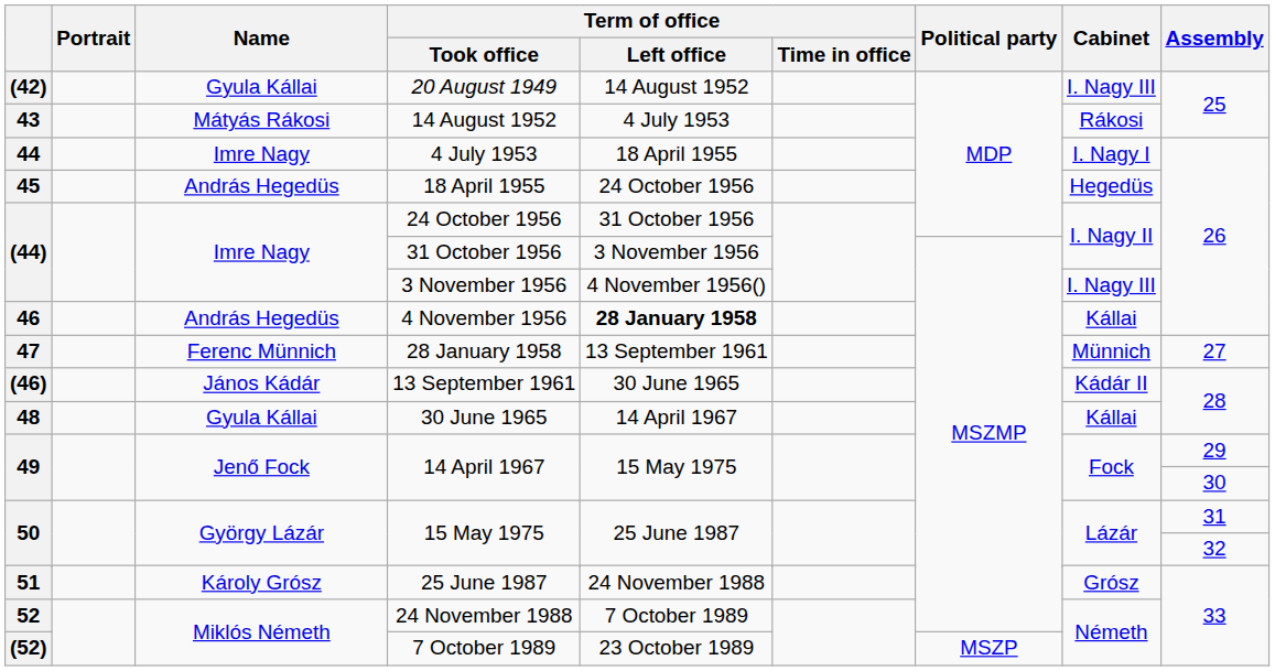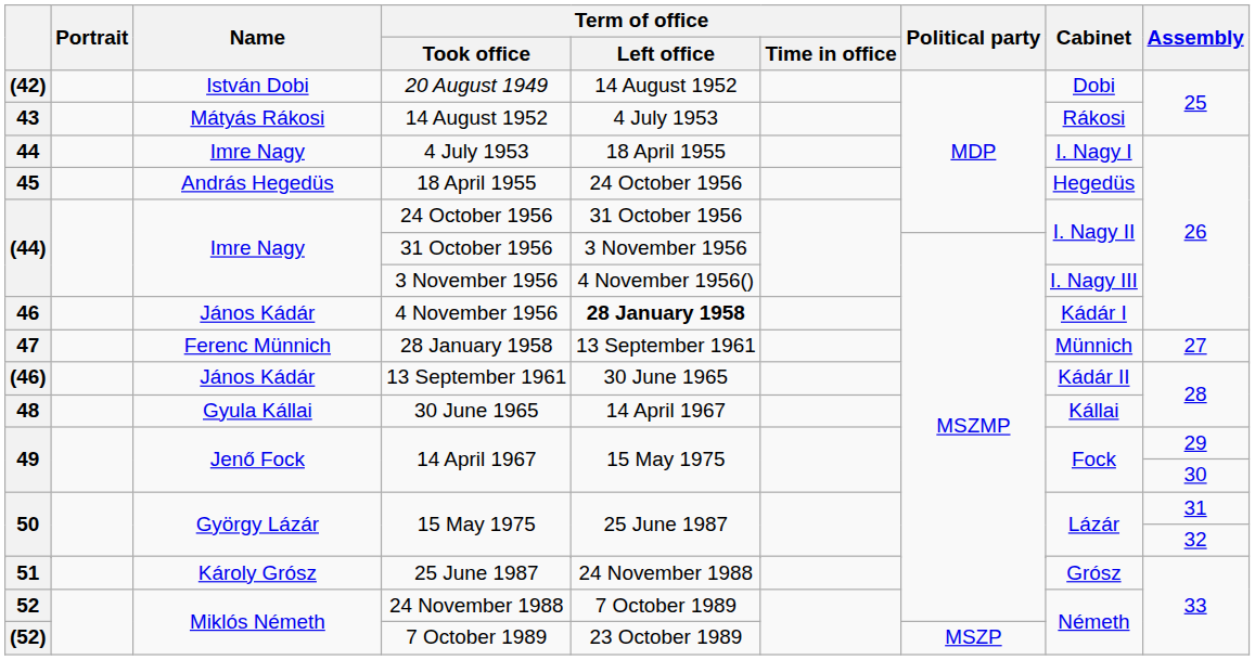 <table class="wikitable" style="text-align:center;">
 <tr>
 <th rowspan=2></th>
 <th rowspan=2>Portrait</th>
 <th width=20% rowspan=2>Name<br></th>
 <th colspan=3>Term of office</th>
 <th rowspan=2>Political party</th>
 <th rowspan=2>Cabinet</th>
 <th rowspan=2><a href='#'>Assembly</a><br></th>
 </tr>
 <tr>
 <th>Took office</th>
 <th>Left office</th>
 <th>Time in office</th>
 </tr>
 <tr>
 <th style="background:">(42)</th>
 <td></td>
-<td><a href='#'>Gyula Kállai</a><br></td>
+<td><a href='#'>István Dobi</a><br></td>
 <td><em>20 August 1949</em></td>
 <td>14 August 1952</td>
 <td></td>
 <td rowspan=5><a href='#'>MDP</a></td>
-<td><a href='#'>I. Nagy III</a><br></td>
+<td><a href='#'>Dobi</a><br></td>
 <td rowspan=2><a href='#'>25 </a></td>
 </tr>
 <tr>
 <th style="background:">43</th>
 <td></td>
 <td><a href='#'>Mátyás Rákosi</a><br></td>
 <td>14 August 1952</td>
 <td>4 July 1953</td>
 <td></td>
 <td><a href='#'>Rákosi</a><br></td>
 </tr>
 <tr>
 <th style="background:">44</th>
 <td></td>
 <td><a href='#'>Imre Nagy</a><br></td>
 <td>4 July 1953</td>
 <td>18 April 1955</td>
 <td></td>
 <td><a href='#'>I. Nagy I</a><br></td>
 <td rowspan=6><a href='#'>26 </a></td>
 </tr>
 <tr>
 <th style="background:">45</th>
 <td></td>
 <td><a href='#'>András Hegedüs</a><br></td>
 <td>18 April 1955</td>
 <td>24 October 1956</td>
 <td></td>
 <td><a href='#'>Hegedüs</a><br></td>
 </tr>
 <tr>
 <th rowspan=3 style="background:">(44)</th>
 <td rowspan=3></td>
 <td rowspan=3><a href='#'>Imre Nagy</a><br></td>
 <td>24 October 1956</td>
 <td>31 October 1956</td>
 <td rowspan=3></td>
 <td rowspan=2><a href='#'>I. Nagy II</a><br></td>
 </tr>
 <tr>
 <td>31 October 1956</td>
 <td>3 November 1956</td>
 <td rowspan=14><a href='#'>MSZMP</a></td>
 </tr>
 <tr>
 <td>3 November 1956</td>
 <td>4 November 1956(<em></em>)</td>
 <td><a href='#'>I. Nagy III</a><br></td>
 </tr>
 <tr>
 <th style="background:">46</th>
 <td></td>
-<td><a href='#'>András Hegedüs</a><br></td>
+<td><a href='#'>János Kádár</a><br></td>
 <td>4 November 1956</td>
 <td><strong>28 January 1958</strong></td>
 <td></td>
-<td><a href='#'>Kállai</a><br></td>
+<td><a href='#'>Kádár I</a><br></td>
 </tr>
 <tr>
 <th style="background:">47</th>
 <td></td>
 <td><a href='#'>Ferenc Münnich</a><br></td>
 <td>28 January 1958</td>
 <td>13 September 1961</td>
 <td></td>
 <td><a href='#'>Münnich</a><br></td>
 <td rowspan=2><a href='#'>27 </a></td>
 </tr>
 <tr>
 <th rowspan=2 style="background:">(46)</th>
 <td rowspan=2></td>
 <td rowspan=2><a href='#'>János Kádár</a><br></td>
 <td rowspan=2>13 September 1961</td>
 <td rowspan=2>30 June 1965</td>
 <td rowspan=2></td>
 <td rowspan=2><a href='#'>Kádár II</a><br></td>
 </tr>
 <tr>
 <td rowspan=2><a href='#'>28 </a></td>
 </tr>
 <tr>
 <th style="background:">48</th>
 <td></td>
 <td><a href='#'>Gyula Kállai</a><br></td>
 <td>30 June 1965</td>
 <td>14 April 1967</td>
 <td></td>
 <td><a href='#'>Kállai</a><br></td>
 </tr>
 <tr>
 <th rowspan=2 style="background:">49</th>
 <td rowspan=2></td>
 <td rowspan=2><a href='#'>Jenő Fock</a><br></td>
 <td rowspan=2>14 April 1967</td>
 <td rowspan=2>15 May 1975</td>
 <td rowspan=2></td>
 <td rowspan=2><a href='#'>Fock</a><br></td>
 <td><a href='#'>29 </a></td>
 </tr>
 <tr>
 <td><a href='#'>30 </a></td>
 </tr>
 <tr>
 <th rowspan=3 style="background:">50</th>
 <td rowspan=3></td>
 <td rowspan=3><a href='#'>György Lázár</a><br></td>
 <td rowspan=3>15 May 1975</td>
 <td rowspan=3>25 June 1987</td>
 <td rowspan=3></td>
 <td rowspan=3><a href='#'>Lázár</a><br></td>
 <td><a href='#'>31 </a></td>
 </tr>
 <tr>
 <td><a href='#'>32 </a></td>
 </tr>
 <tr>
 <td rowspan=4><a href='#'>33 </a></td>
 </tr>
 <tr>
 <th style="background:">51</th>
 <td></td>
 <td><a href='#'>Károly Grósz</a><br></td>
 <td>25 June 1987</td>
 <td>24 November 1988</td>
 <td></td>
 <td><a href='#'>Grósz</a><br></td>
 </tr>
 <tr>
 <th style="background:">52</th>
 <td rowspan=2></td>
 <td rowspan=2><a href='#'>Miklós Németh</a><br></td>
 <td>24 November 1988</td>
 <td>7 October 1989</td>
 <td rowspan=2></td>
 <td rowspan=2><a href='#'>Németh</a><br></td>
 </tr>
 <tr>
 <th style="background:">(52)</th>
 <td>7 October 1989</td>
 <td>23 October 1989</td>
 <td><a href='#'>MSZP</a></td>
 </tr>
 </table>
